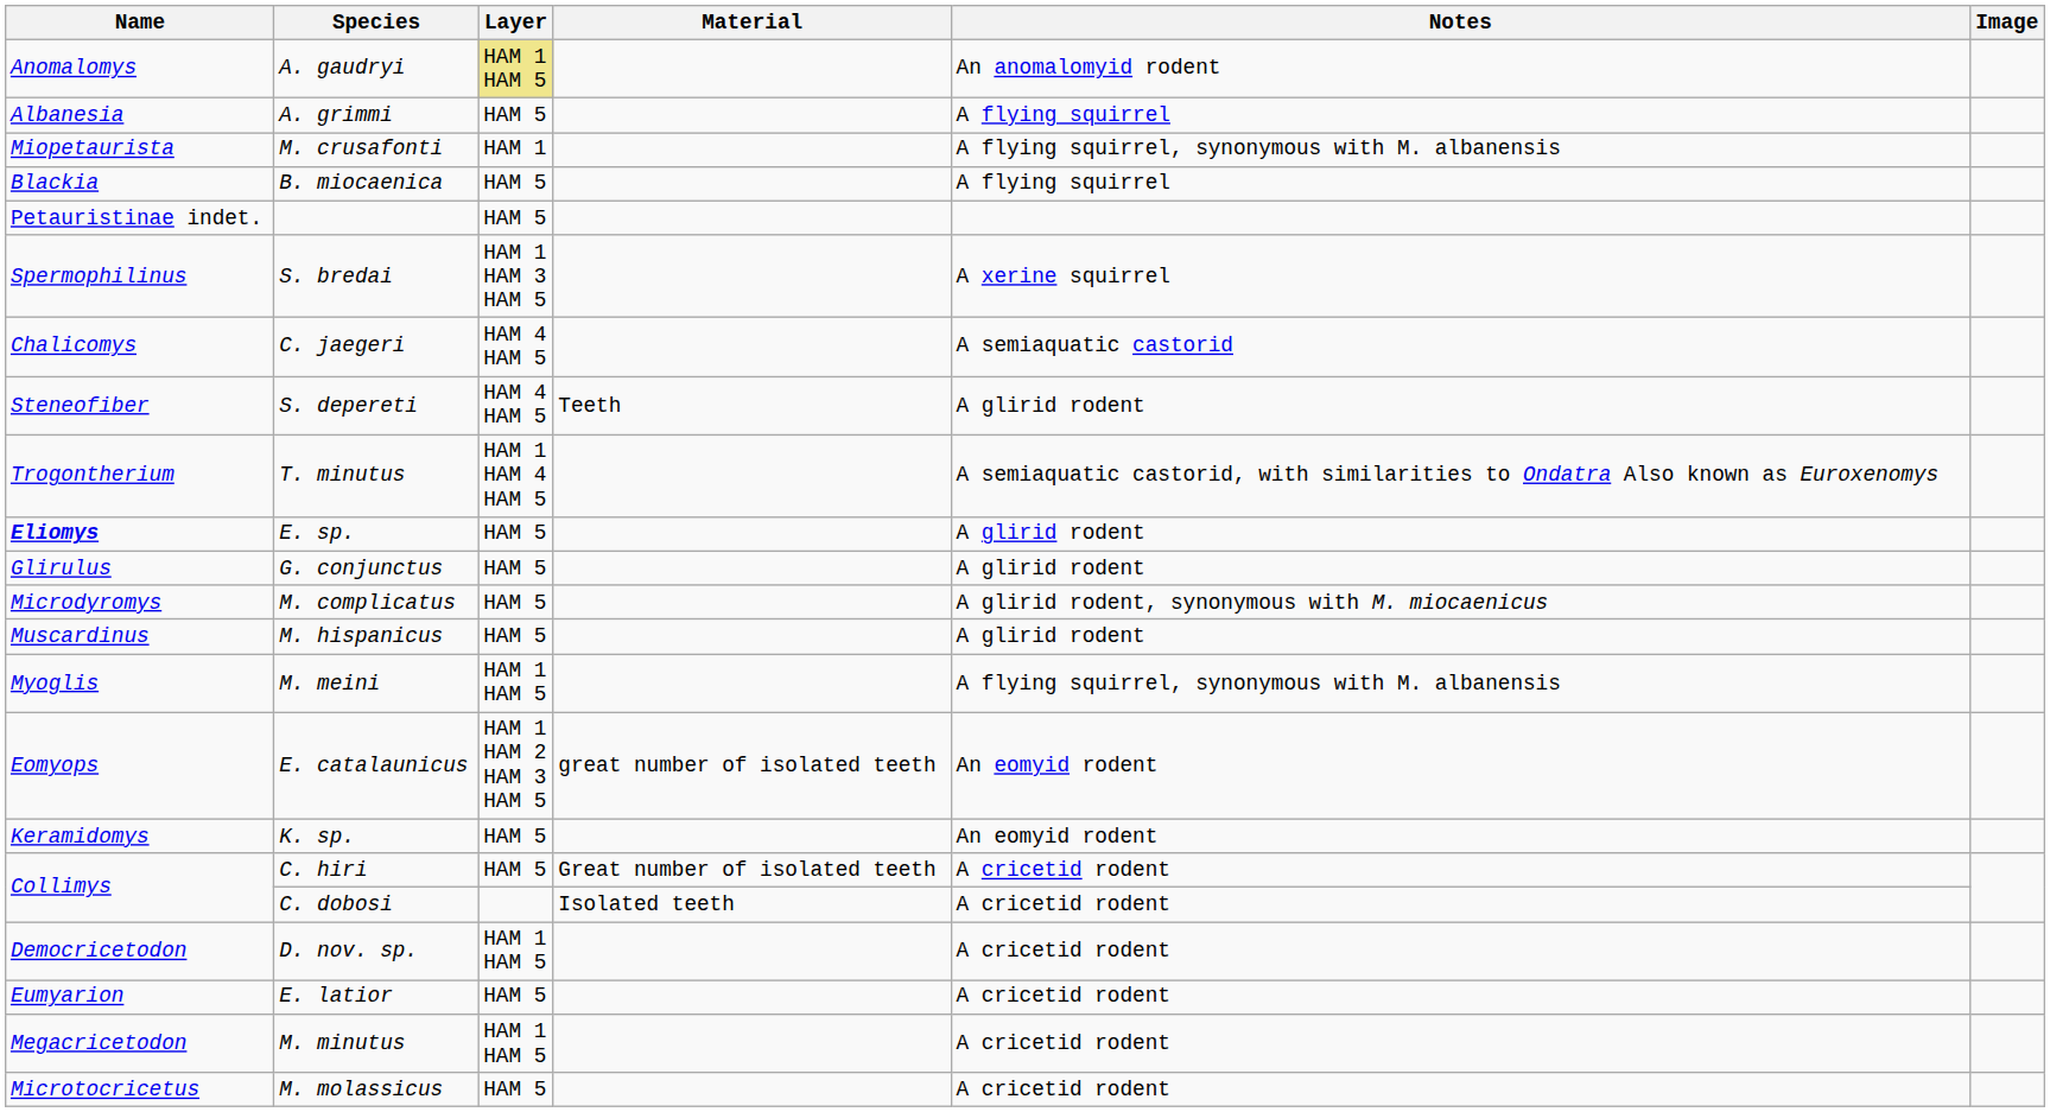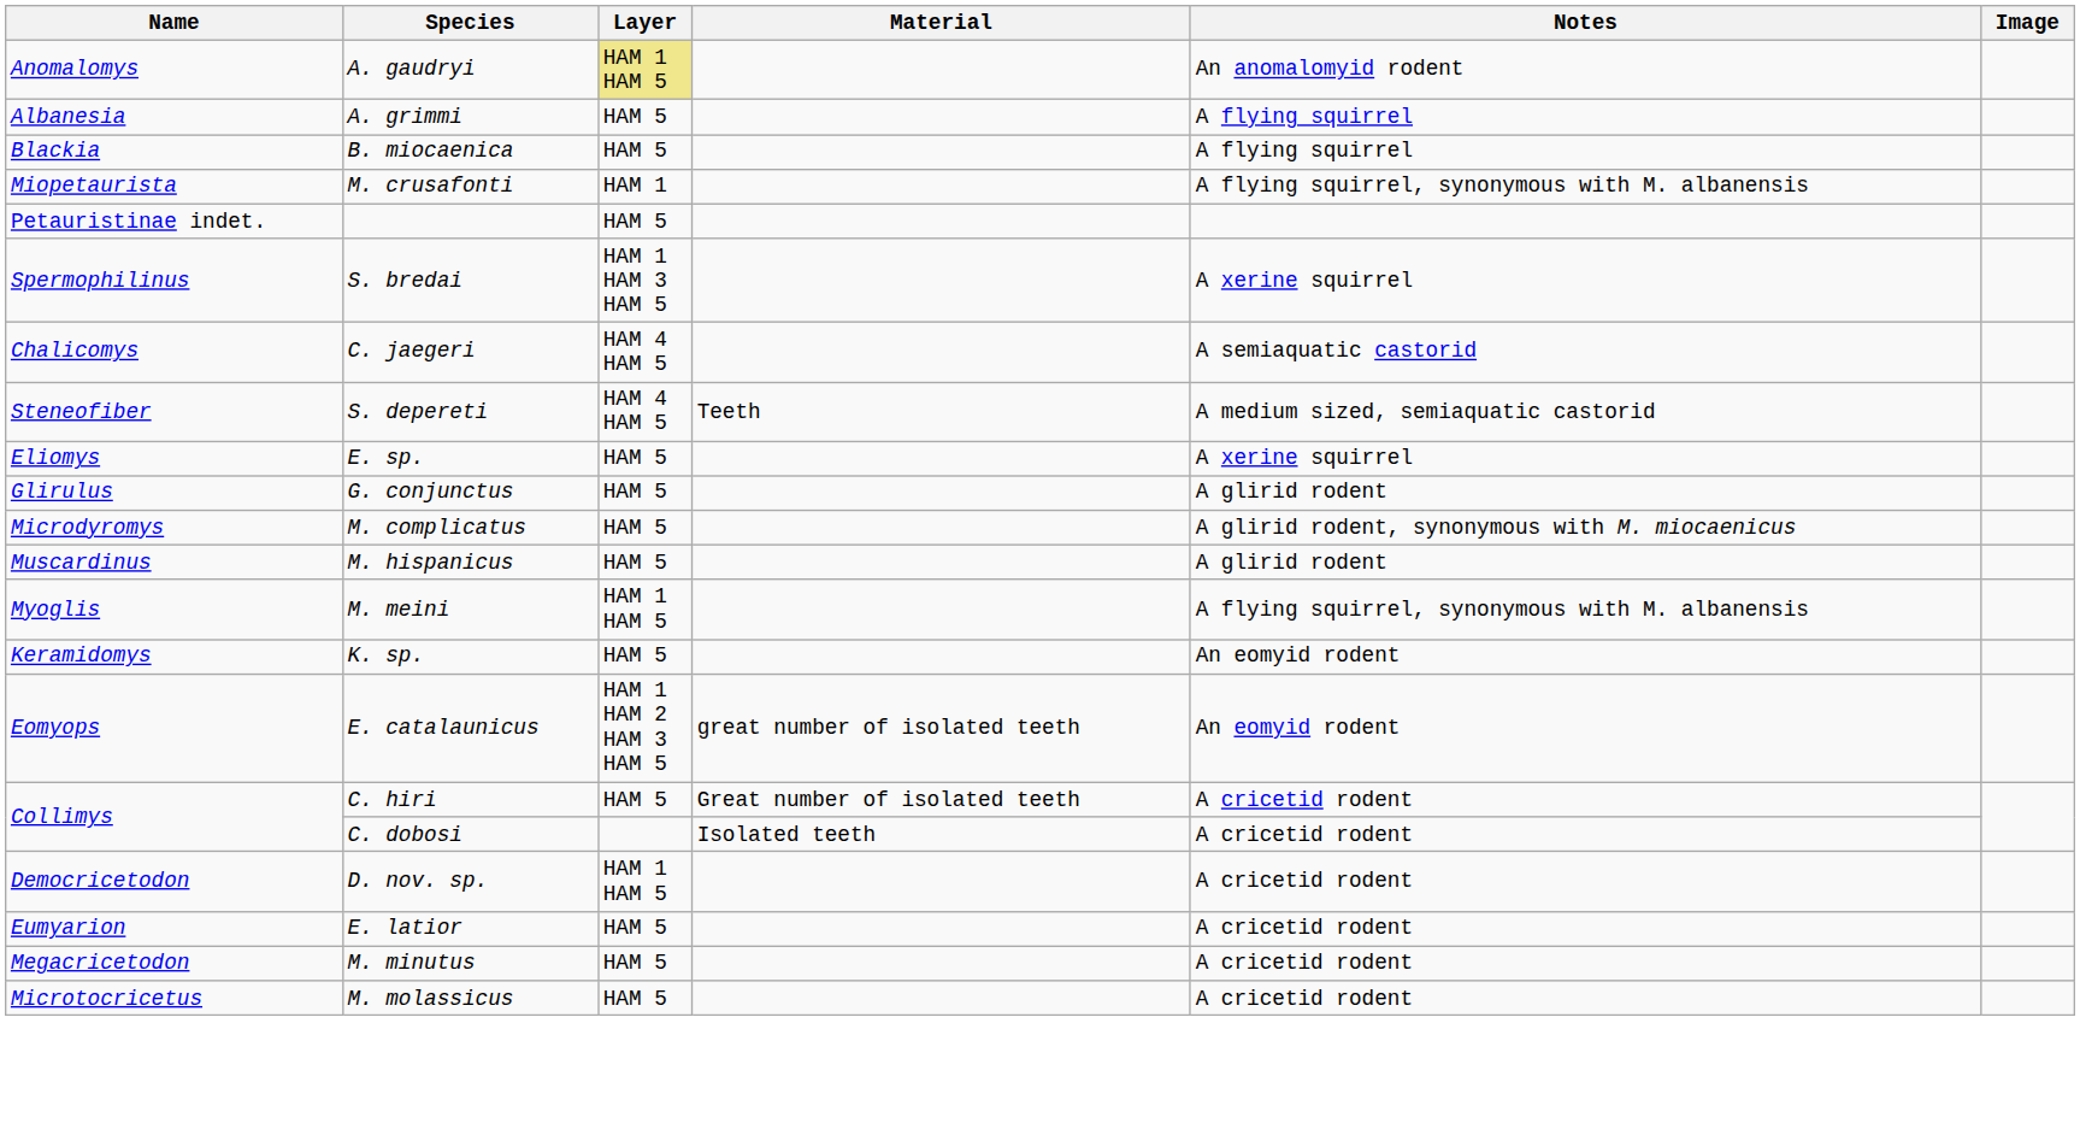 <table class="wikitable" width="100%" align="center">
 <tr>
 <th>Name</th>
 <th>Species</th>
 <th>Layer</th>
 <th>Material</th>
 <th>Notes</th>
 <th>Image</th>
 </tr>
 <tr>
 <td><em><a href='#'>Anomalomys</a></em></td>
 <td><em>A. gaudryi</em></td>
 <td style="background: khaki;">HAM 1<br>HAM 5</td>
 <td></td>
 <td>An <a href='#'>anomalomyid</a> rodent</td>
 <td></td>
 </tr>
 <tr>
 <td><em><a href='#'>Albanesia</a></em></td>
 <td><em>A. grimmi</em></td>
 <td>HAM 5</td>
 <td></td>
 <td>A <a href='#'>flying squirrel</a></td>
 <td></td>
 </tr>
 <tr>
+<td><em><a href='#'>Blackia</a></em></td>
+<td><em>B. miocaenica</em></td>
+<td>HAM 5</td>
+<td></td>
+<td>A flying squirrel</td>
+<td></td>
+</tr>
+<tr>
 <td><em><a href='#'>Miopetaurista</a></em></td>
 <td><em>M. crusafonti</em></td>
 <td>HAM 1</td>
 <td></td>
 <td>A flying squirrel, synonymous with M. albanensis</td>
-<td></td>
-</tr>
-<tr>
-<td><em><a href='#'>Blackia</a></em></td>
-<td><em>B. miocaenica</em></td>
-<td>HAM 5</td>
-<td></td>
-<td>A flying squirrel</td>
 <td></td>
 </tr>
 <tr>
 <td><a href='#'>Petauristinae</a> indet.</td>
 <td></td>
 <td>HAM 5</td>
 <td></td>
 <td></td>
 <td></td>
 </tr>
 <tr>
 <td><em><a href='#'>Spermophilinus</a></em></td>
 <td><em>S. bredai</em></td>
 <td>HAM 1<br>HAM 3<br>HAM 5</td>
 <td></td>
 <td>A <a href='#'>xerine</a> squirrel</td>
 <td></td>
 </tr>
 <tr>
 <td><em><a href='#'>Chalicomys</a></em></td>
 <td><em>C. jaegeri</em></td>
 <td>HAM 4<br>HAM 5</td>
 <td></td>
 <td>A semiaquatic <a href='#'>castorid</a></td>
 <td></td>
 </tr>
 <tr>
 <td><em><a href='#'>Steneofiber</a></em></td>
 <td><em>S. depereti</em></td>
 <td>HAM 4<br>HAM 5</td>
 <td>Teeth</td>
-<td>A glirid rodent</td>
+<td>A medium sized, semiaquatic castorid</td>
 <td></td>
 </tr>
 <tr>
-<td><em><a href='#'>Trogontherium</a></em></td>
-<td><em>T. minutus</em></td>
-<td>HAM 1<br>HAM 4<br>HAM 5</td>
-<td></td>
-<td>A semiaquatic castorid, with similarities to <em><a href='#'>Ondatra</a></em> Also known as <em>Euroxenomys</em></td>
-<td></td>
-</tr>
-<tr>
-<td><strong><em><a href='#'>Eliomys</a></em></strong></td>
+<td><em><a href='#'>Eliomys</a></em></td>
 <td><em>E. sp.</em></td>
 <td>HAM 5</td>
 <td></td>
-<td>A <a href='#'>glirid</a> rodent</td>
+<td>A <a href='#'>xerine</a> squirrel</td>
 <td></td>
 </tr>
 <tr>
 <td><em><a href='#'>Glirulus</a></em></td>
 <td><em>G. conjunctus</em></td>
 <td>HAM 5</td>
 <td></td>
 <td>A glirid rodent</td>
 <td></td>
 </tr>
 <tr>
 <td><em><a href='#'>Microdyromys</a></em></td>
 <td><em>M. complicatus</em></td>
 <td>HAM 5</td>
 <td></td>
 <td>A glirid rodent, synonymous with <em>M. miocaenicus</em></td>
 <td></td>
 </tr>
 <tr>
 <td><em><a href='#'>Muscardinus</a></em></td>
 <td><em>M. hispanicus</em></td>
 <td>HAM 5</td>
 <td></td>
 <td>A glirid rodent</td>
 <td></td>
 </tr>
 <tr>
 <td><em><a href='#'>Myoglis</a></em></td>
 <td><em>M. meini</em></td>
 <td>HAM 1<br>HAM 5</td>
 <td></td>
 <td>A flying squirrel, synonymous with M. albanensis</td>
 <td></td>
 </tr>
 <tr>
+<td><em><a href='#'>Keramidomys</a></em></td>
+<td><em>K. sp.</em></td>
+<td>HAM 5</td>
+<td></td>
+<td>An eomyid rodent</td>
+<td></td>
+</tr>
+<tr>
 <td><em><a href='#'>Eomyops</a></em></td>
 <td><em>E. catalaunicus</em></td>
 <td>HAM 1<br>HAM 2<br>HAM 3<br>HAM 5</td>
 <td>great number of isolated teeth</td>
 <td>An <a href='#'>eomyid</a> rodent</td>
-<td></td>
-</tr>
-<tr>
-<td><em><a href='#'>Keramidomys</a></em></td>
-<td><em>K. sp.</em></td>
-<td>HAM 5</td>
-<td></td>
-<td>An eomyid rodent</td>
 <td></td>
 </tr>
 <tr>
 <td rowspan="2"><em><a href='#'>Collimys</a></em></td>
 <td><em>C. hiri</em></td>
 <td>HAM 5</td>
 <td>Great number of isolated teeth</td>
 <td>A <a href='#'>cricetid</a> rodent</td>
 <td rowspan="2"></td>
 </tr>
 <tr>
 <td><em>C. dobosi</em></td>
 <td></td>
 <td>Isolated teeth</td>
 <td>A cricetid rodent</td>
 </tr>
 <tr>
 <td><em><a href='#'>Democricetodon</a></em></td>
 <td><em>D. nov. sp.</em></td>
 <td>HAM 1<br>HAM 5</td>
 <td></td>
 <td>A cricetid rodent</td>
 <td></td>
 </tr>
 <tr>
 <td><em><a href='#'>Eumyarion</a></em></td>
 <td><em>E. latior</em></td>
 <td>HAM 5</td>
 <td></td>
 <td>A cricetid rodent</td>
 <td></td>
 </tr>
 <tr>
 <td><em><a href='#'>Megacricetodon</a></em></td>
 <td><em>M. minutus</em></td>
-<td>HAM 1<br>HAM 5</td>
+<td>HAM 5</td>
 <td></td>
 <td>A cricetid rodent</td>
 <td></td>
 </tr>
 <tr>
 <td><em><a href='#'>Microtocricetus</a></em></td>
 <td><em>M. molassicus</em></td>
 <td>HAM 5</td>
 <td></td>
 <td>A cricetid rodent</td>
 <td></td>
 </tr>
 </table>
